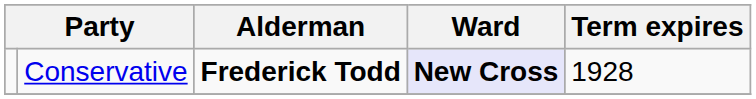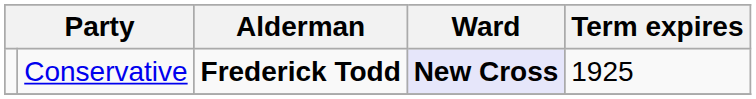 <table class="wikitable">
 <tr>
 <th colspan="2">Party</th>
 <th>Alderman</th>
 <th>Ward</th>
 <th>Term expires</th>
 </tr>
 <tr>
 <td style="background-color:"></td>
 <td><a href='#'>Conservative</a></td>
 <td><strong>Frederick Todd</strong></td>
 <td style="background: lavender;"><strong>New Cross</strong></td>
-<td>1928</td>
+<td>1925</td>
 </tr>
 <tr>
 </tr>
 </table>
